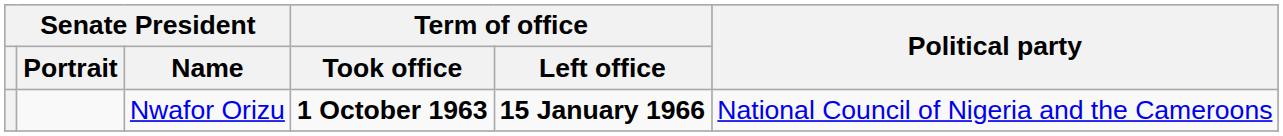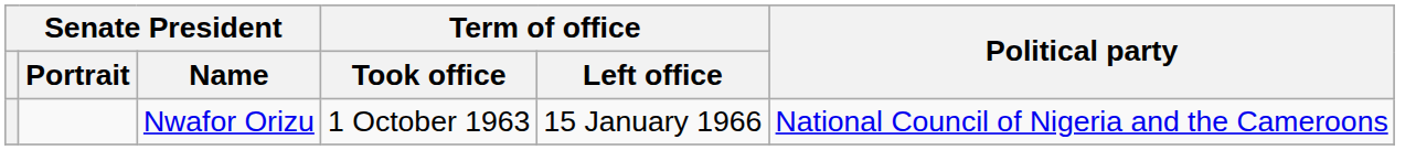 <table class=wikitable style=text-align:center>
 <tr>
 <th colspan=3>Senate President</th>
 <th colspan=2>Term of office</th>
 <th rowspan=2>Political party</th>
 </tr>
 <tr>
 <th></th>
 <th>Portrait</th>
 <th>Name</th>
 <th>Took office</th>
 <th>Left office</th>
 </tr>
 <tr>
 <th style="background:"></th>
 <td></td>
 <td><a href='#'>Nwafor Orizu</a></td>
-<td><strong>1 October 1963</strong></td>
-<td><strong>15 January 1966</strong></td>
+<td>1 October 1963</td>
+<td>15 January 1966</td>
 <td><a href='#'>National Council of Nigeria and the Cameroons</a></td>
 </tr>
 </table>
